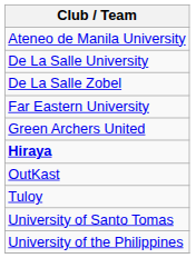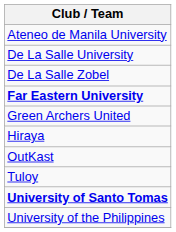 <table class="wikitable sortable">
 <tr>
 <th>Club / Team</th>
 </tr>
 <tr>
 <td><a href='#'>Ateneo de Manila University</a></td>
 </tr>
 <tr>
 <td><a href='#'>De La Salle University</a></td>
 </tr>
 <tr>
 <td><a href='#'>De La Salle Zobel</a></td>
 </tr>
 <tr>
-<td><a href='#'>Far Eastern University</a></td>
+<td><strong><a href='#'>Far Eastern University</a></strong></td>
 </tr>
 <tr>
 <td><a href='#'>Green Archers United</a></td>
 </tr>
 <tr>
-<td><strong><a href='#'>Hiraya</a></strong></td>
+<td><a href='#'>Hiraya</a></td>
 </tr>
 <tr>
 <td><a href='#'>OutKast</a></td>
 </tr>
 <tr>
 <td><a href='#'>Tuloy</a></td>
 </tr>
 <tr>
-<td><a href='#'>University of Santo Tomas</a></td>
+<td><strong><a href='#'>University of Santo Tomas</a></strong></td>
 </tr>
 <tr>
 <td><a href='#'>University of the Philippines</a></td>
 </tr>
 <tr>
 </tr>
 </table>
